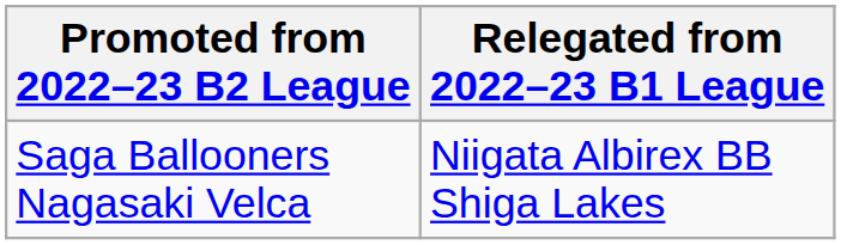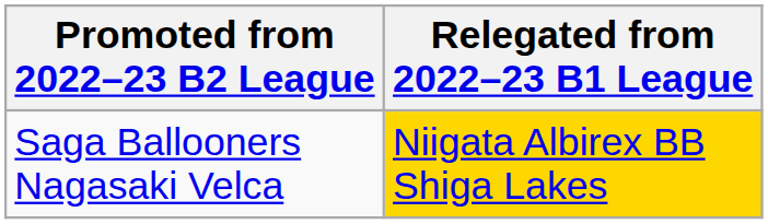 <table class="wikitable">
 <tr>
 <th>Promoted from<br><a href='#'>2022–23 B2 League</a></th>
 <th>Relegated from<br><a href='#'>2022–23 B1 League</a></th>
 </tr>
 <tr>
 <td><a href='#'>Saga Ballooners</a><br><a href='#'>Nagasaki Velca</a></td>
-<td><a href='#'>Niigata Albirex BB</a><br><a href='#'>Shiga Lakes</a></td>
+<td style="background: gold;"><a href='#'>Niigata Albirex BB</a><br><a href='#'>Shiga Lakes</a></td>
 </tr>
 </table>
